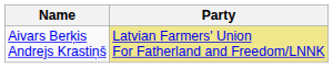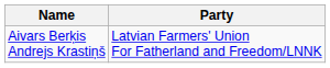 <table class="wikitable">
 <tr>
 <th>Name</th>
 <th>Party</th>
 </tr>
 <tr>
 <td><a href='#'>Aivars Berķis</a><br><a href='#'>Andrejs Krastiņš</a></td>
-<td style="background: khaki;"><a href='#'>Latvian Farmers' Union</a><br><a href='#'>For Fatherland and Freedom/LNNK</a></td>
+<td><a href='#'>Latvian Farmers' Union</a><br><a href='#'>For Fatherland and Freedom/LNNK</a></td>
 </tr>
 </table>
